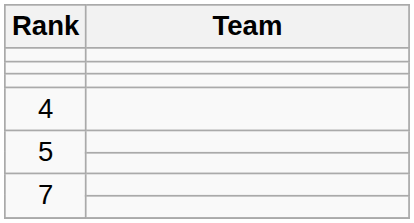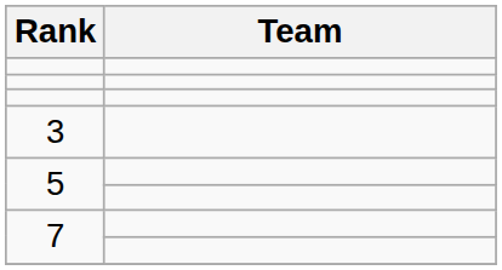 <table class="wikitable" style="text-align: center;">
 <tr>
 <th width=40>Rank</th>
 <th width=180>Team</th>
 </tr>
 <tr>
 <td></td>
 <td style="text-align:left;"></td>
 </tr>
 <tr>
 <td></td>
 <td style="text-align:left;"></td>
 </tr>
 <tr>
 <td></td>
 <td style="text-align:left;"></td>
 </tr>
 <tr>
-<td>4</td>
+<td>3</td>
 <td style="text-align:left;"></td>
 </tr>
 <tr>
 <td rowspan=2>5</td>
 <td style="text-align:left;"></td>
 </tr>
 <tr align=center>
 <td style="text-align:left;"></td>
 </tr>
 <tr align=center>
 <td rowspan=2>7</td>
 <td style="text-align:left;"></td>
 </tr>
 <tr align=center>
 <td style="text-align:left;"></td>
 </tr>
 <tr align=center>
 </tr>
 </table>
